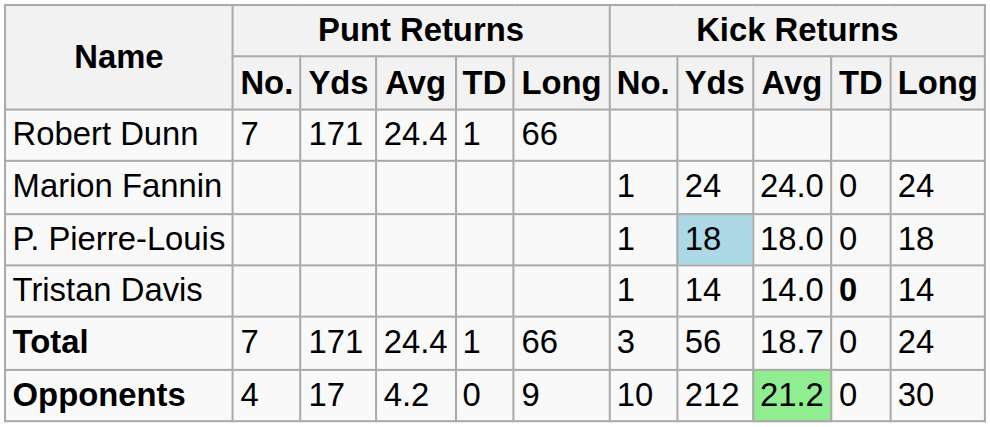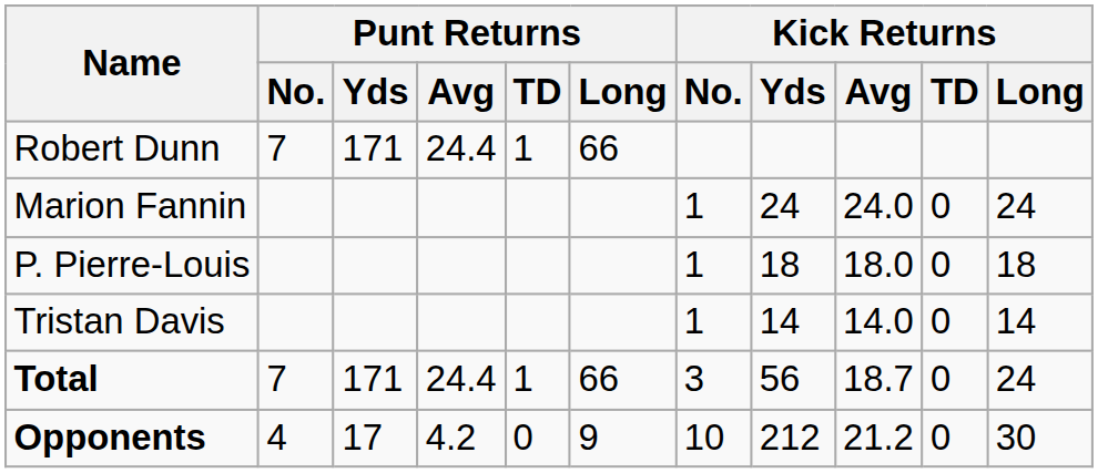 <table class="wikitable" style="white-space:nowrap;">
 <tr>
 <th rowspan="2">Name</th>
 <th colspan="5">Punt Returns</th>
 <th colspan="5">Kick Returns</th>
 </tr>
 <tr>
 <th>No.</th>
 <th>Yds</th>
 <th>Avg</th>
 <th>TD</th>
 <th>Long</th>
 <th>No.</th>
 <th>Yds</th>
 <th>Avg</th>
 <th>TD</th>
 <th>Long</th>
 </tr>
 <tr>
 <td>Robert Dunn</td>
 <td>7</td>
 <td>171</td>
 <td>24.4</td>
 <td>1</td>
 <td>66</td>
 <td></td>
 <td></td>
 <td></td>
 <td></td>
 <td></td>
 </tr>
 <tr>
 <td>Marion Fannin</td>
 <td></td>
 <td></td>
 <td></td>
 <td></td>
 <td></td>
 <td>1</td>
 <td>24</td>
 <td>24.0</td>
 <td>0</td>
 <td>24</td>
 </tr>
 <tr>
 <td>P. Pierre-Louis</td>
 <td></td>
 <td></td>
 <td></td>
 <td></td>
 <td></td>
 <td>1</td>
-<td style="background: lightblue;">18</td>
+<td>18</td>
 <td>18.0</td>
 <td>0</td>
 <td>18</td>
 </tr>
 <tr>
 <td>Tristan Davis</td>
 <td></td>
 <td></td>
 <td></td>
 <td></td>
 <td></td>
 <td>1</td>
 <td>14</td>
 <td>14.0</td>
-<td><strong>0</strong></td>
+<td>0</td>
 <td>14</td>
 </tr>
 <tr>
 <td><strong>Total</strong></td>
 <td>7</td>
 <td>171</td>
 <td>24.4</td>
 <td>1</td>
 <td>66</td>
 <td>3</td>
 <td>56</td>
 <td>18.7</td>
 <td>0</td>
 <td>24</td>
 </tr>
 <tr>
 <td><strong>Opponents</strong></td>
 <td>4</td>
 <td>17</td>
 <td>4.2</td>
 <td>0</td>
 <td>9</td>
 <td>10</td>
 <td>212</td>
-<td style="background: lightgreen;">21.2</td>
+<td>21.2</td>
 <td>0</td>
 <td>30</td>
 </tr>
 </table>
